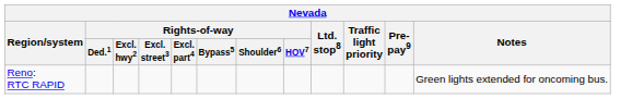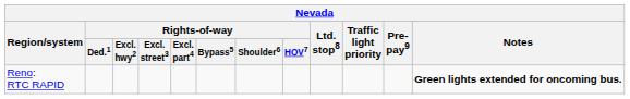 <table class="wikitable">
 <tr>
 <th colspan="12"><a href='#'>Nevada</a></th>
 </tr>
 <tr>
 <th rowspan="2">Region/system</th>
 <th colspan="7">Rights-of-way</th>
 <th rowspan="2">Ltd.<br>stop<sup>8</sup></th>
 <th rowspan="2">Traffic<br>light<br>priority</th>
 <th rowspan="2">Pre-<br>pay<sup>9</sup></th>
 <th rowspan="2">Notes</th>
 </tr>
 <tr style="font-size: smaller">
 <th>Ded.<sup>1</sup></th>
 <th>Excl.<br>hwy<sup>2</sup></th>
 <th>Excl.<br>street<sup>3</sup></th>
 <th>Excl.<br>part<sup>4</sup></th>
 <th>Bypass<sup>5</sup></th>
 <th>Shoulder<sup>6</sup></th>
 <th><a href='#'>HOV</a><sup>7</sup></th>
 </tr>
 <tr>
 <td><a href='#'>Reno</a>:<br><a href='#'>RTC RAPID</a></td>
 <td></td>
 <td></td>
 <td></td>
 <td></td>
 <td></td>
 <td></td>
 <td></td>
 <td></td>
 <td></td>
 <td></td>
-<td>Green lights extended for oncoming bus.</td>
+<td><strong>Green lights extended for oncoming bus.</strong></td>
 </tr>
 </table>
